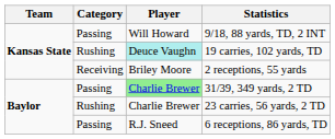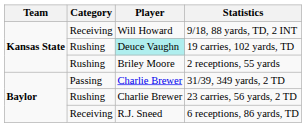 <table class="wikitable" style="float: right;">
 <tr>
 <th>Team</th>
 <th>Category</th>
 <th>Player</th>
 <th>Statistics</th>
 </tr>
 <tr>
 <td rowspan=3><strong>Kansas State</strong></td>
-<td>Passing</td>
+<td>Receiving</td>
 <td>Will Howard</td>
 <td>9/18, 88 yards, TD, 2 INT</td>
 </tr>
 <tr>
 <td>Rushing</td>
 <td style="background: paleturquoise;">Deuce Vaughn</td>
 <td>19 carries, 102 yards, TD</td>
 </tr>
 <tr>
-<td>Receiving</td>
+<td>Rushing</td>
 <td>Briley Moore</td>
 <td>2 receptions, 55 yards</td>
 </tr>
 <tr>
 <td rowspan=3><strong>Baylor</strong></td>
 <td>Passing</td>
-<td style="background: lightgreen;"><a href='#'>Charlie Brewer</a></td>
+<td><a href='#'>Charlie Brewer</a></td>
 <td>31/39, 349 yards, 2 TD</td>
 </tr>
 <tr>
 <td>Rushing</td>
 <td>Charlie Brewer</td>
 <td>23 carries, 56 yards, 2 TD</td>
 </tr>
 <tr>
-<td>Passing</td>
+<td>Receiving</td>
 <td>R.J. Sneed</td>
 <td>6 receptions, 86 yards, TD</td>
 </tr>
 </table>
